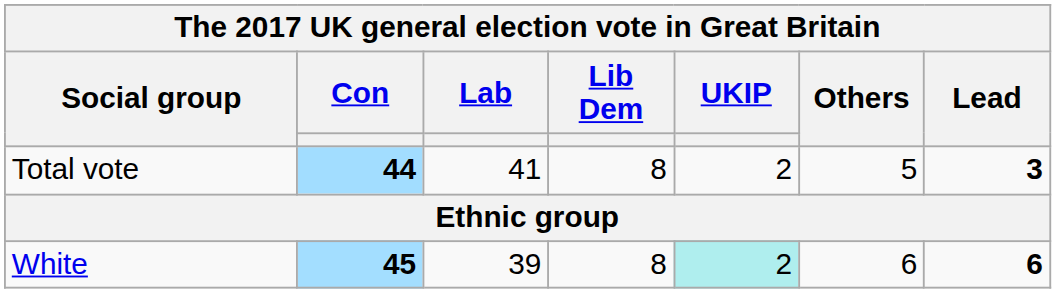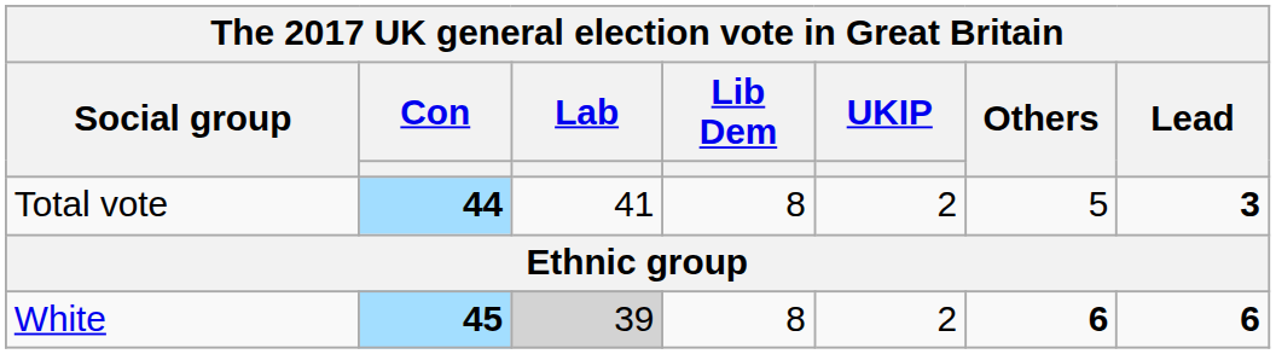 <table class=wikitable>
 <tr>
 <th colspan="10">The 2017 UK general election vote in Great Britain</th>
 </tr>
 <tr>
 <th style="width:150px;" rowspan="2">Social group</th>
 <th style="width:60px;" class="unsortable"><a href='#'>Con</a></th>
 <th style="width:60px;" class="unsortable"><a href='#'>Lab</a></th>
 <th style="width:60px;" class="unsortable"><a href='#'>Lib Dem</a></th>
 <th style="width:60px;" class="unsortable"><a href='#'>UKIP</a></th>
 <th style="width:60px;" rowspan="2" class="unsortable">Others</th>
 <th style="width:60px;" rowspan="2" class="unsortable">Lead</th>
 </tr>
 <tr>
 <th class="unsortable" style="color:inherit;background:"></th>
 <th class="unsortable" style="color:inherit;background:"></th>
 <th class="unsortable" style="color:inherit;background:"></th>
 <th class="unsortable" style="color:inherit;background:"></th>
 </tr>
 <tr>
 <td>Total vote</td>
 <td style="text-align:right; background:#A2DDFF;"><strong>44</strong></td>
 <td style="text-align:right;">41</td>
 <td style="text-align:right;">8</td>
 <td style="text-align:right;">2</td>
 <td style="text-align:right;">5</td>
 <td style="text-align:right; background:"><strong>3</strong></td>
 </tr>
 <tr>
 <th colspan=9>Ethnic group</th>
 </tr>
 <tr>
 <td><a href='#'>White</a></td>
 <td style="text-align:right; background:#A3DEFF;"><strong>45</strong></td>
-<td style="text-align:right;">39</td>
+<td style="background: lightgrey; text-align:right;">39</td>
 <td style="text-align:right;">8</td>
-<td style="background: paleturquoise; text-align:right;">2</td>
-<td style="text-align:right;">6</td>
+<td style="text-align:right;">2</td>
+<td style="text-align:right;"><strong>6</strong></td>
 <td style="text-align:right; background:"><strong>6</strong></td>
 </tr>
 </table>
